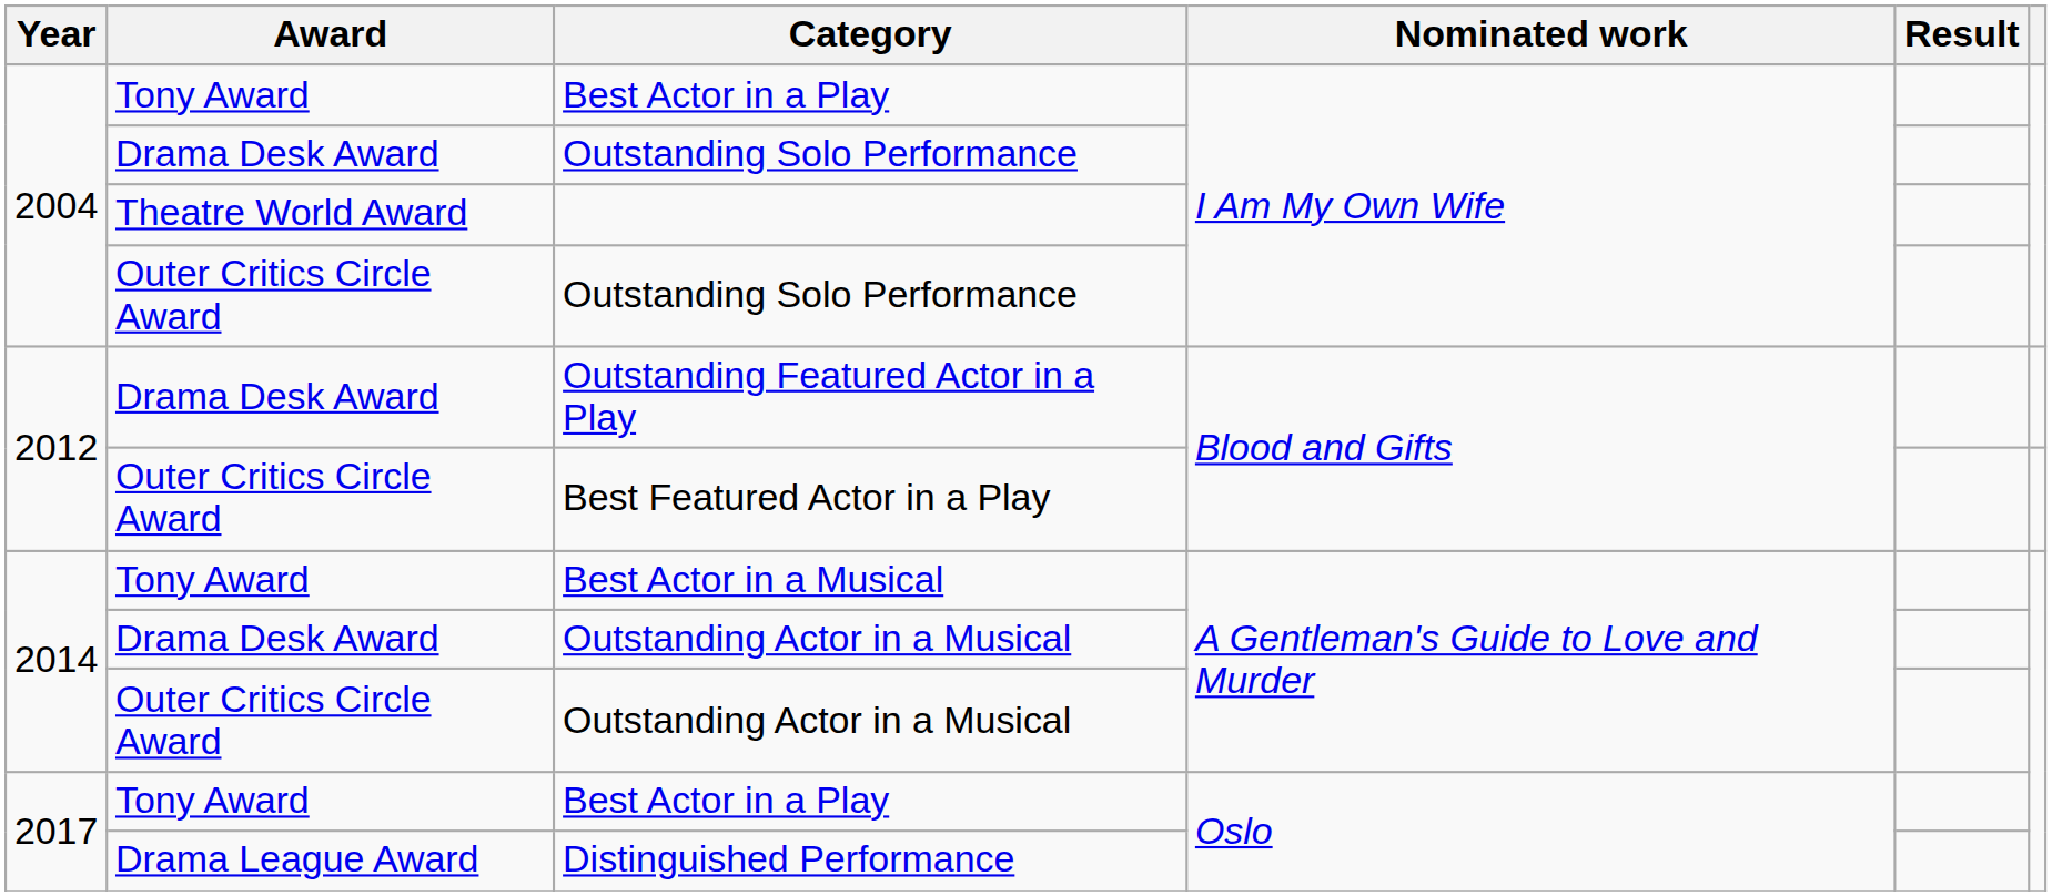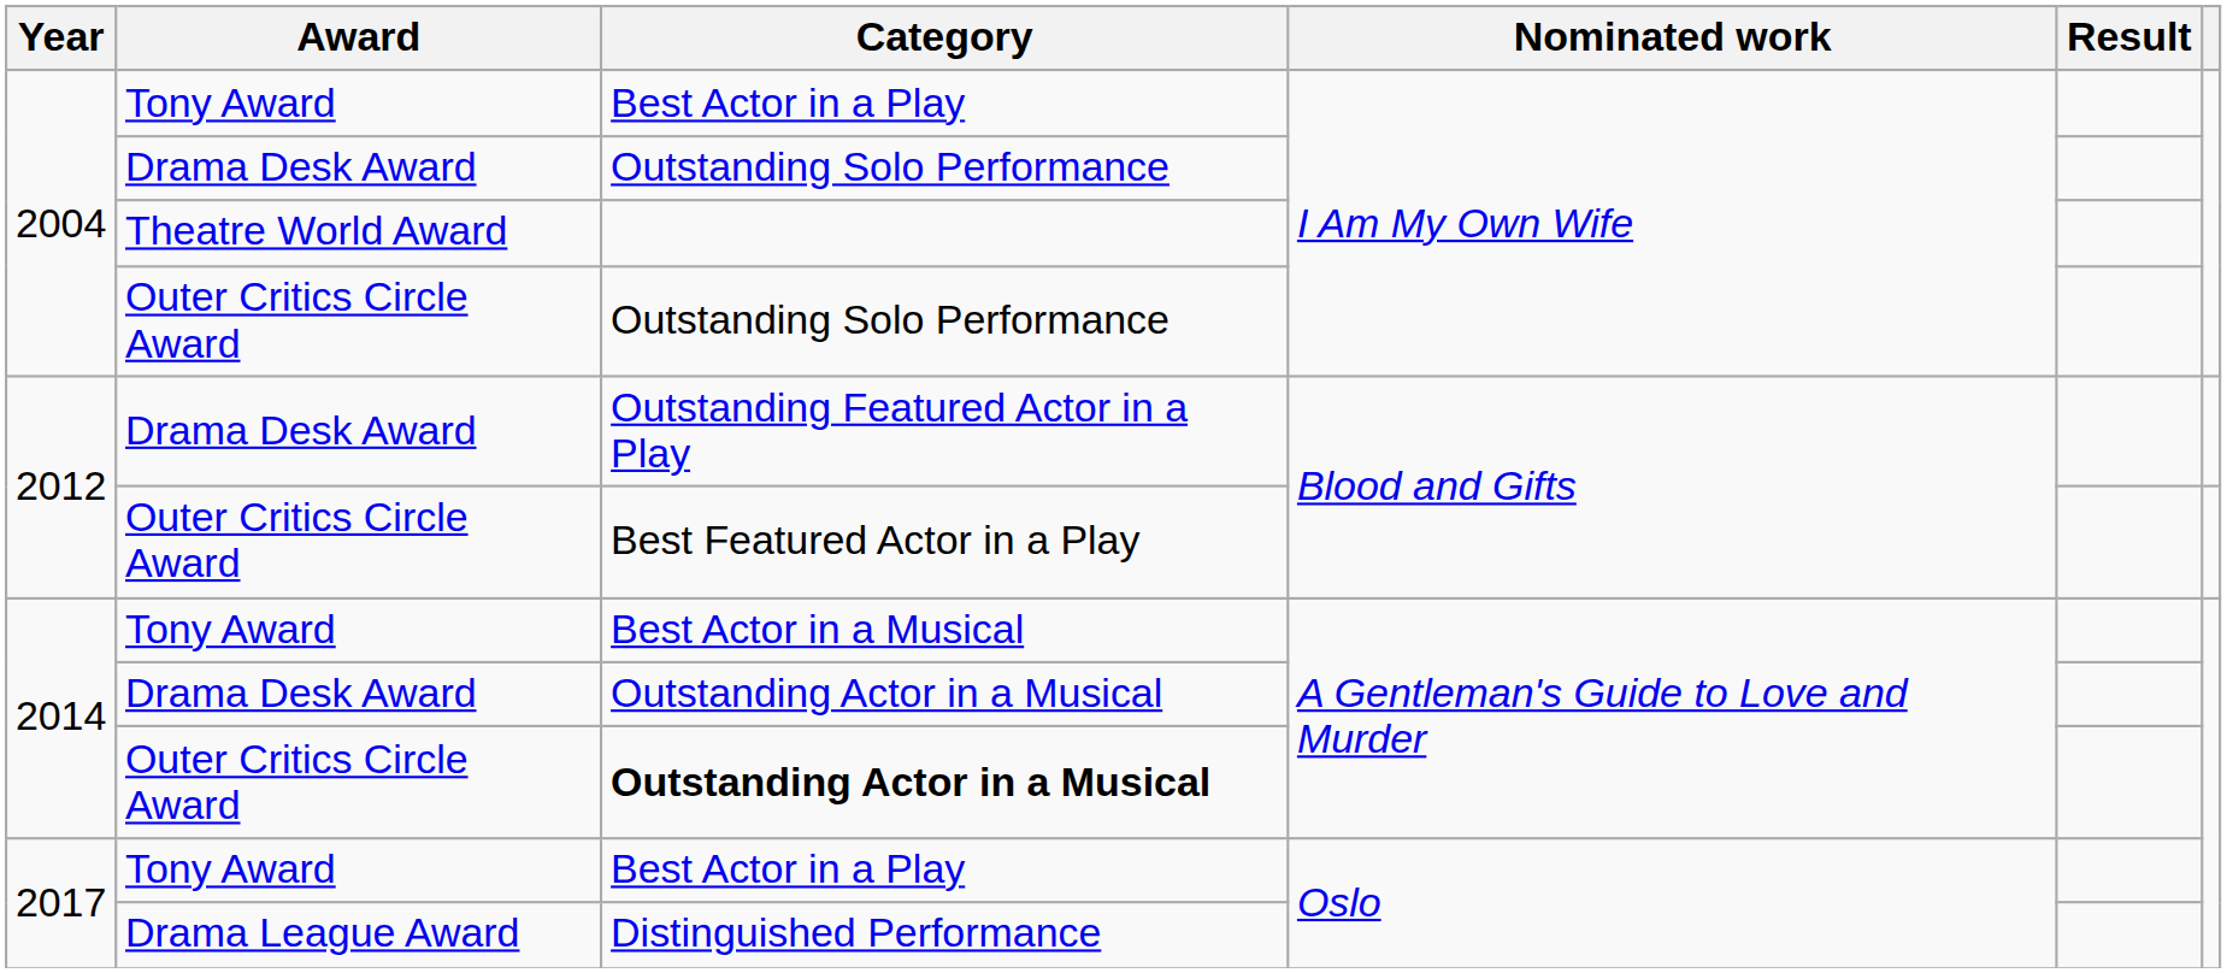 <table class="wikitable sortable">
 <tr>
 <th>Year</th>
 <th>Award</th>
 <th>Category</th>
 <th>Nominated work</th>
 <th>Result</th>
 <th></th>
 </tr>
 <tr>
 <td rowspan="4" style="text-align:center;">2004</td>
 <td><a href='#'>Tony Award</a></td>
 <td><a href='#'>Best Actor in a Play</a></td>
 <td rowspan="4"><em><a href='#'>I Am My Own Wife</a></em></td>
 <td></td>
 <td rowspan=4></td>
 </tr>
 <tr>
 <td><a href='#'>Drama Desk Award</a></td>
 <td><a href='#'>Outstanding Solo Performance</a></td>
 <td></td>
 </tr>
 <tr>
 <td><a href='#'>Theatre World Award</a></td>
 <td></td>
 <td></td>
 </tr>
 <tr>
 <td><a href='#'>Outer Critics Circle Award</a></td>
 <td>Outstanding Solo Performance</td>
 <td></td>
 </tr>
 <tr>
 <td rowspan="2" style="text-align:center;">2012</td>
 <td><a href='#'>Drama Desk Award</a></td>
 <td><a href='#'>Outstanding Featured Actor in a Play</a></td>
 <td rowspan="2"><em><a href='#'>Blood and Gifts</a></em></td>
 <td></td>
 <td></td>
 </tr>
 <tr>
 <td><a href='#'>Outer Critics Circle Award</a></td>
 <td>Best Featured Actor in a Play</td>
 <td></td>
 <td></td>
 </tr>
 <tr>
 <td rowspan="3" style="text-align:center;">2014</td>
 <td><a href='#'>Tony Award</a></td>
 <td><a href='#'>Best Actor in a Musical</a></td>
 <td rowspan="3"><em><a href='#'>A Gentleman's Guide to Love and Murder</a></em></td>
 <td></td>
 <td rowspan=5></td>
 </tr>
 <tr>
 <td><a href='#'>Drama Desk Award</a></td>
 <td><a href='#'>Outstanding Actor in a Musical</a></td>
 <td></td>
 </tr>
 <tr>
 <td><a href='#'>Outer Critics Circle Award</a></td>
-<td>Outstanding Actor in a Musical</td>
+<td><strong>Outstanding Actor in a Musical</strong></td>
 <td></td>
 </tr>
 <tr>
 <td rowspan="2">2017</td>
 <td><a href='#'>Tony Award</a></td>
 <td><a href='#'>Best Actor in a Play</a></td>
 <td rowspan="2"><a href='#'><em>Oslo</em></a></td>
 <td></td>
 </tr>
 <tr>
 <td><a href='#'>Drama League Award</a></td>
 <td><a href='#'>Distinguished Performance</a></td>
 <td></td>
 </tr>
 </table>
